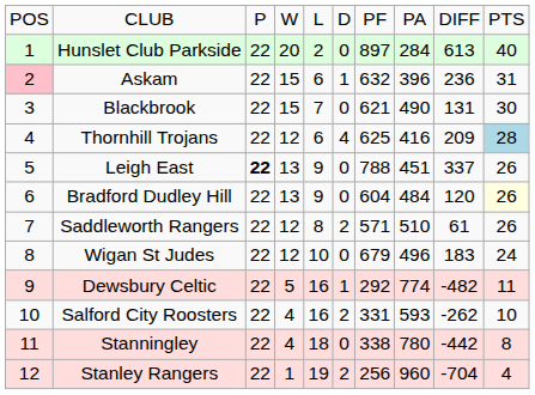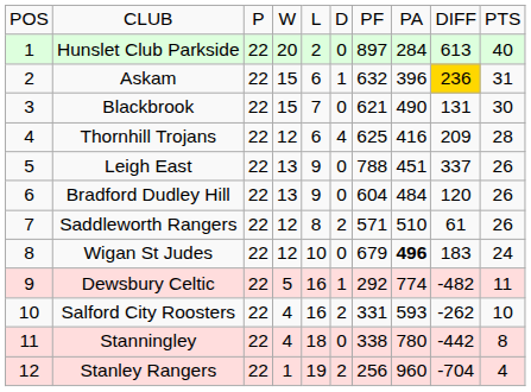 <table class="wikitable" style="text-align: center;">
 <tr>
 <td>POS</td>
 <td>CLUB</td>
 <td>P</td>
 <td>W</td>
 <td>L</td>
 <td>D</td>
 <td>PF</td>
 <td>PA</td>
 <td>DIFF</td>
 <td>PTS</td>
 </tr>
 <tr style="background:#ddffdd;">
 <td>1</td>
 <td>Hunslet Club Parkside</td>
 <td>22</td>
 <td>20</td>
 <td>2</td>
 <td>0</td>
 <td>897</td>
 <td>284</td>
 <td>613</td>
 <td>40</td>
 </tr>
 <tr>
-<td style="background: pink;">2</td>
+<td>2</td>
 <td>Askam</td>
 <td>22</td>
 <td>15</td>
 <td>6</td>
 <td>1</td>
 <td>632</td>
 <td>396</td>
-<td>236</td>
+<td style="background: gold;">236</td>
 <td>31</td>
 </tr>
 <tr>
 <td>3</td>
 <td>Blackbrook</td>
 <td>22</td>
 <td>15</td>
 <td>7</td>
 <td>0</td>
 <td>621</td>
 <td>490</td>
 <td>131</td>
 <td>30</td>
 </tr>
 <tr>
 <td>4</td>
 <td>Thornhill Trojans</td>
 <td>22</td>
 <td>12</td>
 <td>6</td>
 <td>4</td>
 <td>625</td>
 <td>416</td>
 <td>209</td>
-<td style="background: lightblue;">28</td>
+<td>28</td>
 </tr>
 <tr>
 <td>5</td>
 <td>Leigh East</td>
-<td><strong>22</strong></td>
+<td>22</td>
 <td>13</td>
 <td>9</td>
 <td>0</td>
 <td>788</td>
 <td>451</td>
 <td>337</td>
 <td>26</td>
 </tr>
 <tr>
 <td>6</td>
 <td>Bradford Dudley Hill</td>
 <td>22</td>
 <td>13</td>
 <td>9</td>
 <td>0</td>
 <td>604</td>
 <td>484</td>
 <td>120</td>
-<td style="background: lightyellow;">26</td>
+<td>26</td>
 </tr>
 <tr>
 <td>7</td>
 <td>Saddleworth Rangers</td>
 <td>22</td>
 <td>12</td>
 <td>8</td>
 <td>2</td>
 <td>571</td>
 <td>510</td>
 <td>61</td>
 <td>26</td>
 </tr>
 <tr>
 <td>8</td>
 <td>Wigan St Judes</td>
 <td>22</td>
 <td>12</td>
 <td>10</td>
 <td>0</td>
 <td>679</td>
-<td>496</td>
+<td><strong>496</strong></td>
 <td>183</td>
 <td>24</td>
 </tr>
 <tr style="background:#ffdddd;">
 <td>9</td>
 <td>Dewsbury Celtic</td>
 <td>22</td>
 <td>5</td>
 <td>16</td>
 <td>1</td>
 <td>292</td>
 <td>774</td>
 <td>-482</td>
 <td>11</td>
 </tr>
 <tr>
 <td>10</td>
 <td>Salford City Roosters</td>
 <td>22</td>
 <td>4</td>
 <td>16</td>
 <td>2</td>
 <td>331</td>
 <td>593</td>
 <td>-262</td>
 <td>10</td>
 </tr>
 <tr style="background:#ffdddd;">
 <td>11</td>
 <td>Stanningley</td>
 <td>22</td>
 <td>4</td>
 <td>18</td>
 <td>0</td>
 <td>338</td>
 <td>780</td>
 <td>-442</td>
 <td>8</td>
 </tr>
 <tr style="background:#ffdddd;">
 <td>12</td>
 <td>Stanley Rangers</td>
 <td>22</td>
 <td>1</td>
 <td>19</td>
 <td>2</td>
 <td>256</td>
 <td>960</td>
 <td>-704</td>
 <td>4</td>
 </tr>
 </table>
